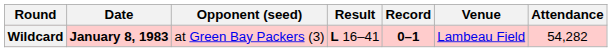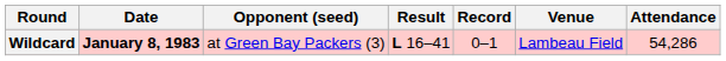 <table class="wikitable" style="text-align:center">
 <tr>
 <th>Round</th>
 <th>Date</th>
 <th>Opponent (seed)</th>
 <th>Result</th>
 <th>Record</th>
 <th>Venue</th>
 <th>Attendance</th>
 </tr>
 <tr style="background:#fcc">
 <th>Wildcard</th>
 <td><strong>January 8, 1983</strong></td>
 <td>at <a href='#'>Green Bay Packers</a> (3)</td>
 <td><strong>L</strong> 16–41</td>
-<td><strong>0–1</strong></td>
+<td>0–1</td>
 <td><a href='#'>Lambeau Field</a></td>
-<td>54,282</td>
+<td>54,286</td>
 </tr>
 </table>
